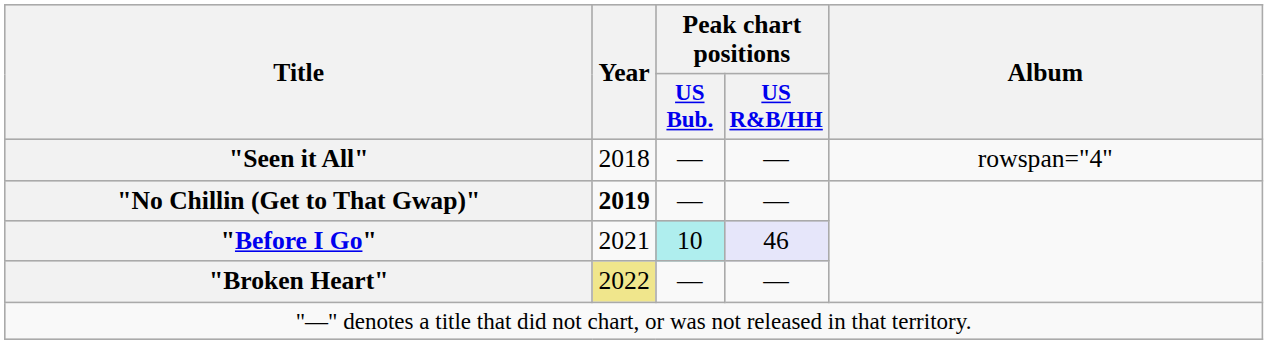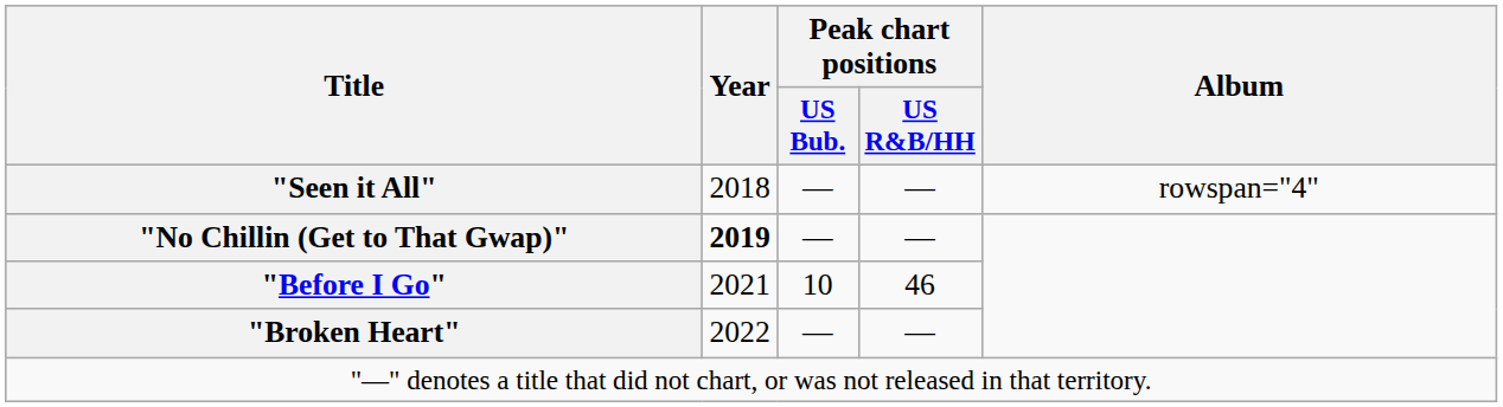 <table class="wikitable plainrowheaders" style="text-align:center;">
 <tr>
 <th scope="col" rowspan="2" style="width:22.5em;">Title</th>
 <th scope="col" rowspan="2" style="width:1em;">Year</th>
 <th scope="col" colspan="2">Peak chart positions</th>
 <th scope="col" rowspan="2" style="width:16.5em;">Album</th>
 </tr>
 <tr>
 <th scope="col" style="width:2.5em;font-size:90%;"><a href='#'>US<br>Bub.</a><br></th>
 <th scope="col" style="width:2.5em;font-size:90%;"><a href='#'>US R&B/HH</a><br></th>
 </tr>
 <tr>
 <th scope="row">"Seen it All"<br></th>
 <td>2018</td>
 <td>—</td>
 <td>—</td>
 <td>rowspan="4" </td>
 </tr>
 <tr>
 <th scope="row">"No Chillin (Get to That Gwap)"<br></th>
 <td><strong>2019</strong></td>
 <td>—</td>
 <td>—</td>
 </tr>
 <tr>
 <th scope="row">"<a href='#'>Before I Go</a>"<br></th>
 <td>2021</td>
-<td style="background: paleturquoise;">10</td>
-<td style="background: lavender;">46</td>
+<td>10</td>
+<td>46</td>
 </tr>
 <tr>
 <th scope="row">"Broken Heart"<br></th>
-<td style="background: khaki;">2022</td>
+<td>2022</td>
 <td>—</td>
 <td>—</td>
 </tr>
 <tr>
 <td colspan="9" style="font-size:90%">"—" denotes a title that did not chart, or was not released in that territory.</td>
 </tr>
 </table>
